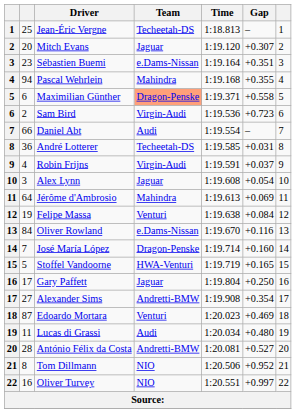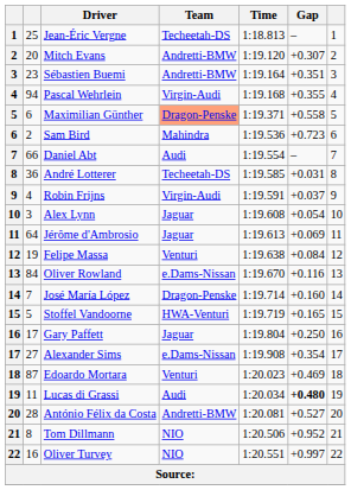 <table class="wikitable" style="font-size: 85%">
 <tr>
 <th scope="col"></th>
 <th scope="col"></th>
 <th scope="col">Driver</th>
 <th scope="col">Team</th>
 <th scope="col">Time</th>
 <th scope="col">Gap</th>
 <th scope="col"></th>
 </tr>
 <tr>
 <th scope="row">1</th>
 <td>25</td>
 <td> <a href='#'>Jean-Éric Vergne</a></td>
 <td><a href='#'>Techeetah-DS</a></td>
 <td>1:18.813</td>
 <td>–</td>
 <td>1</td>
 </tr>
 <tr>
 <th scope="row">2</th>
 <td>20</td>
 <td> <a href='#'>Mitch Evans</a></td>
-<td><a href='#'>Jaguar</a></td>
+<td><a href='#'>Andretti-BMW</a></td>
 <td>1:19.120</td>
 <td>+0.307</td>
 <td>2</td>
 </tr>
 <tr>
 <th scope="row">3</th>
 <td>23</td>
 <td> <a href='#'>Sébastien Buemi</a></td>
-<td><a href='#'>e.Dams-Nissan</a></td>
+<td><a href='#'>Andretti-BMW</a></td>
 <td>1:19.164</td>
 <td>+0.351</td>
 <td>3</td>
 </tr>
 <tr>
 <th scope="row">4</th>
 <td>94</td>
 <td> <a href='#'>Pascal Wehrlein</a></td>
-<td><a href='#'>Mahindra</a></td>
+<td><a href='#'>Virgin-Audi</a></td>
 <td>1:19.168</td>
 <td>+0.355</td>
 <td>4</td>
 </tr>
 <tr>
 <th scope="row">5</th>
 <td>6</td>
 <td> <a href='#'>Maximilian Günther</a></td>
 <td style="background: lightsalmon;"><a href='#'>Dragon-Penske</a></td>
 <td>1:19.371</td>
 <td>+0.558</td>
 <td>5</td>
 </tr>
 <tr>
 <th scope="row">6</th>
 <td>2</td>
 <td> <a href='#'>Sam Bird</a></td>
-<td><a href='#'>Virgin-Audi</a></td>
+<td><a href='#'>Mahindra</a></td>
 <td>1:19.536</td>
 <td>+0.723</td>
 <td>6</td>
 </tr>
 <tr>
 <th scope="row">7</th>
 <td>66</td>
 <td> <a href='#'>Daniel Abt</a></td>
 <td><a href='#'>Audi</a></td>
 <td>1:19.554</td>
 <td>–</td>
 <td>7</td>
 </tr>
 <tr>
 <th scope="row">8</th>
 <td>36</td>
 <td> <a href='#'>André Lotterer</a></td>
 <td><a href='#'>Techeetah-DS</a></td>
 <td>1:19.585</td>
 <td>+0.031</td>
 <td>8</td>
 </tr>
 <tr>
 <th scope="row">9</th>
 <td>4</td>
 <td> <a href='#'>Robin Frijns</a></td>
 <td><a href='#'>Virgin-Audi</a></td>
 <td>1:19.591</td>
 <td>+0.037</td>
 <td>9</td>
 </tr>
 <tr>
 <th scope="row">10</th>
 <td>3</td>
 <td> <a href='#'>Alex Lynn</a></td>
 <td><a href='#'>Jaguar</a></td>
 <td>1:19.608</td>
 <td>+0.054</td>
 <td>10</td>
 </tr>
 <tr>
 <th scope="row">11</th>
 <td>64</td>
 <td> <a href='#'>Jérôme d'Ambrosio</a></td>
-<td><a href='#'>Mahindra</a></td>
+<td><a href='#'>Jaguar</a></td>
 <td>1:19.613</td>
 <td>+0.069</td>
 <td>11</td>
 </tr>
 <tr>
 <th scope="row">12</th>
 <td>19</td>
 <td> <a href='#'>Felipe Massa</a></td>
 <td><a href='#'>Venturi</a></td>
 <td>1:19.638</td>
 <td>+0.084</td>
 <td>12</td>
 </tr>
 <tr>
 <th scope="row">13</th>
 <td>84</td>
 <td> <a href='#'>Oliver Rowland</a></td>
 <td><a href='#'>e.Dams-Nissan</a></td>
 <td>1:19.670</td>
 <td>+0.116</td>
 <td>13</td>
 </tr>
 <tr>
 <th scope="row">14</th>
 <td>7</td>
 <td> <a href='#'>José María López</a></td>
 <td><a href='#'>Dragon-Penske</a></td>
 <td>1:19.714</td>
 <td>+0.160</td>
 <td>14</td>
 </tr>
 <tr>
 <th scope="row">15</th>
 <td>5</td>
 <td> <a href='#'>Stoffel Vandoorne</a></td>
 <td><a href='#'>HWA-Venturi</a></td>
 <td>1:19.719</td>
 <td>+0.165</td>
 <td>15</td>
 </tr>
 <tr>
 <th scope="row">16</th>
 <td>17</td>
 <td> <a href='#'>Gary Paffett</a></td>
 <td><a href='#'>Jaguar</a></td>
 <td>1:19.804</td>
 <td>+0.250</td>
 <td>16</td>
 </tr>
 <tr>
 <th scope="row">17</th>
 <td>27</td>
 <td> <a href='#'>Alexander Sims</a></td>
-<td><a href='#'>Andretti-BMW</a></td>
+<td><a href='#'>e.Dams-Nissan</a></td>
 <td>1:19.908</td>
 <td>+0.354</td>
 <td>17</td>
 </tr>
 <tr>
 <th scope="row">18</th>
 <td>87</td>
 <td> <a href='#'>Edoardo Mortara</a></td>
 <td><a href='#'>Venturi</a></td>
 <td>1:20.023</td>
 <td>+0.469</td>
 <td>18</td>
 </tr>
 <tr>
 <th scope="row">19</th>
 <td>11</td>
 <td> <a href='#'>Lucas di Grassi</a></td>
 <td><a href='#'>Audi</a></td>
 <td>1:20.034</td>
-<td>+0.480</td>
+<td><strong>+0.480</strong></td>
 <td>19</td>
 </tr>
 <tr>
 <th scope="row">20</th>
 <td>28</td>
 <td> <a href='#'>António Félix da Costa</a></td>
 <td><a href='#'>Andretti-BMW</a></td>
 <td>1:20.081</td>
 <td>+0.527</td>
 <td>20</td>
 </tr>
 <tr>
 <th scope="row">21</th>
 <td>8</td>
 <td> <a href='#'>Tom Dillmann</a></td>
 <td><a href='#'>NIO</a></td>
 <td>1:20.506</td>
 <td>+0.952</td>
 <td>21</td>
 </tr>
 <tr>
 <th scope="row">22</th>
 <td>16</td>
 <td> <a href='#'>Oliver Turvey</a></td>
 <td><a href='#'>NIO</a></td>
 <td>1:20.551</td>
 <td>+0.997</td>
 <td>22</td>
 </tr>
 <tr>
 <th colspan="7">Source:</th>
 </tr>
 <tr>
 </tr>
 </table>
